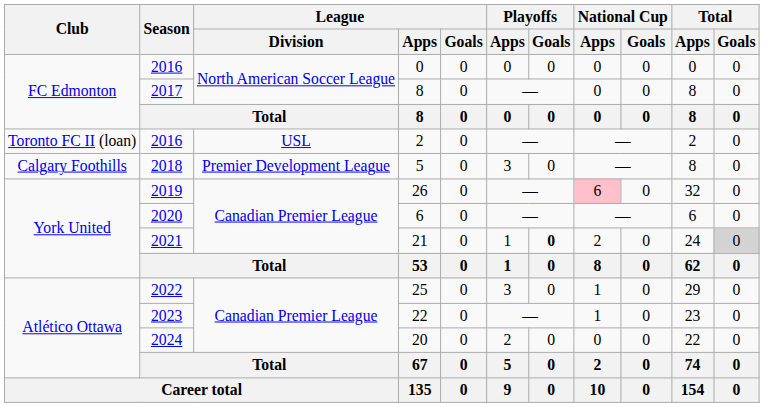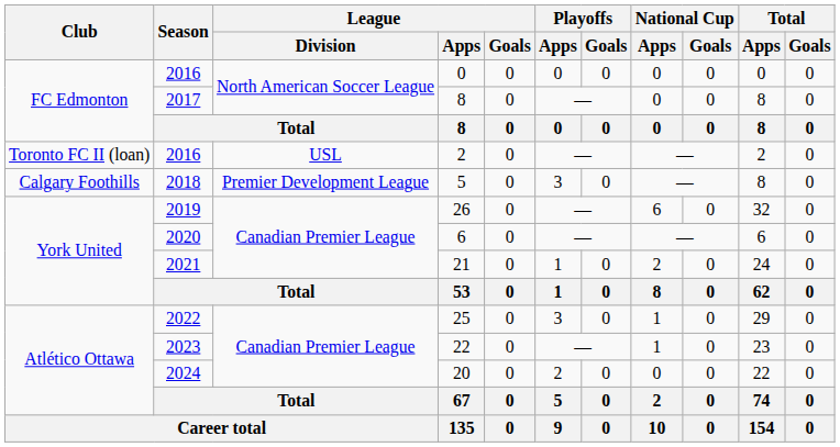 <table class="wikitable" style="text-align:center">
 <tr>
 <th rowspan="2">Club</th>
 <th rowspan="2">Season</th>
 <th colspan="3">League</th>
 <th colspan="2">Playoffs</th>
 <th colspan="2">National Cup</th>
 <th colspan="2">Total</th>
 </tr>
 <tr>
 <th>Division</th>
 <th>Apps</th>
 <th>Goals</th>
 <th>Apps</th>
 <th>Goals</th>
 <th>Apps</th>
 <th>Goals</th>
 <th>Apps</th>
 <th>Goals</th>
 </tr>
 <tr>
 <td rowspan=3><a href='#'>FC Edmonton</a></td>
 <td><a href='#'>2016</a></td>
 <td rowspan=2><a href='#'>North American Soccer League</a></td>
 <td>0</td>
 <td>0</td>
 <td>0</td>
 <td>0</td>
 <td>0</td>
 <td>0</td>
 <td>0</td>
 <td>0</td>
 </tr>
 <tr>
 <td><a href='#'>2017</a></td>
 <td>8</td>
 <td>0</td>
 <td colspan="2">—</td>
 <td>0</td>
 <td>0</td>
 <td>8</td>
 <td>0</td>
 </tr>
 <tr>
 <th colspan="2">Total</th>
 <th>8</th>
 <th>0</th>
 <th>0</th>
 <th>0</th>
 <th>0</th>
 <th>0</th>
 <th>8</th>
 <th>0</th>
 </tr>
 <tr>
 <td><a href='#'>Toronto FC II</a> (loan)</td>
 <td><a href='#'>2016</a></td>
 <td><a href='#'>USL</a></td>
 <td>2</td>
 <td>0</td>
 <td colspan="2">—</td>
 <td colspan="2">—</td>
 <td>2</td>
 <td>0</td>
 </tr>
 <tr>
 <td><a href='#'>Calgary Foothills</a></td>
 <td><a href='#'>2018</a></td>
 <td><a href='#'>Premier Development League</a></td>
 <td>5</td>
 <td>0</td>
 <td>3</td>
 <td>0</td>
 <td colspan="2">—</td>
 <td>8</td>
 <td>0</td>
 </tr>
 <tr>
 <td rowspan="4"><a href='#'>York United</a></td>
 <td><a href='#'>2019</a></td>
 <td rowspan="3"><a href='#'>Canadian Premier League</a></td>
 <td>26</td>
 <td>0</td>
 <td colspan="2">—</td>
-<td style="background: pink;">6</td>
+<td>6</td>
 <td>0</td>
 <td>32</td>
 <td>0</td>
 </tr>
 <tr>
 <td><a href='#'>2020</a></td>
 <td>6</td>
 <td>0</td>
 <td colspan="2">—</td>
 <td colspan="2">—</td>
 <td>6</td>
 <td>0</td>
 </tr>
 <tr>
 <td><a href='#'>2021</a></td>
 <td>21</td>
 <td>0</td>
 <td>1</td>
-<td><strong>0</strong></td>
+<td>0</td>
 <td>2</td>
 <td>0</td>
 <td>24</td>
-<td style="background: lightgrey;">0</td>
+<td>0</td>
 </tr>
 <tr>
 <th colspan="2">Total</th>
 <th>53</th>
 <th>0</th>
 <th>1</th>
 <th>0</th>
 <th>8</th>
 <th>0</th>
 <th>62</th>
 <th>0</th>
 </tr>
 <tr>
 <td rowspan="4"><a href='#'>Atlético Ottawa</a></td>
 <td><a href='#'>2022</a></td>
 <td rowspan="3"><a href='#'>Canadian Premier League</a></td>
 <td>25</td>
 <td>0</td>
 <td>3</td>
 <td>0</td>
 <td>1</td>
 <td>0</td>
 <td>29</td>
 <td>0</td>
 </tr>
 <tr>
 <td><a href='#'>2023</a></td>
 <td>22</td>
 <td>0</td>
 <td colspan="2">—</td>
 <td>1</td>
 <td>0</td>
 <td>23</td>
 <td>0</td>
 </tr>
 <tr>
 <td><a href='#'>2024</a></td>
 <td>20</td>
 <td>0</td>
 <td>2</td>
 <td>0</td>
 <td>0</td>
 <td>0</td>
 <td>22</td>
 <td>0</td>
 </tr>
 <tr>
 <th colspan="2">Total</th>
 <th>67</th>
 <th>0</th>
 <th>5</th>
 <th>0</th>
 <th>2</th>
 <th>0</th>
 <th>74</th>
 <th>0</th>
 </tr>
 <tr>
 <th colspan="3">Career total</th>
 <th>135</th>
 <th>0</th>
 <th>9</th>
 <th>0</th>
 <th>10</th>
 <th>0</th>
 <th>154</th>
 <th>0</th>
 </tr>
 </table>
